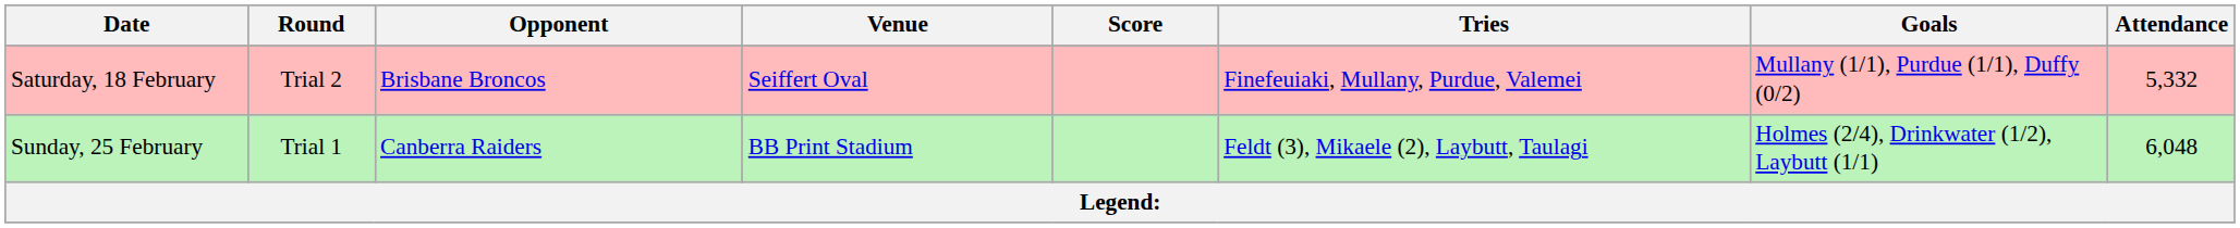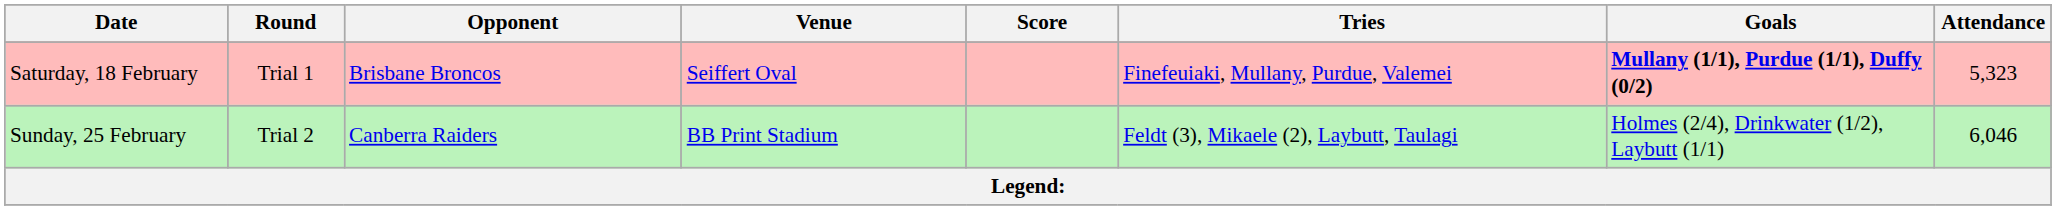 <table class="wikitable" style="font-size:75%;">
 <tr>
 <th style="width:120px;">Date</th>
 <th style="width:60px;">Round</th>
 <th style="width:185px;">Opponent</th>
 <th style="width:155px;">Venue</th>
 <th style="width:80px;">Score</th>
 <th style="width:270px;">Tries</th>
 <th style="width:180px;">Goals</th>
 <th style="width:60px;">Attendance</th>
 </tr>
 <tr style="background:#FFBBBB">
 <td>Saturday, 18 February</td>
-<td style="text-align:center;">Trial 2</td>
+<td style="text-align:center;">Trial 1</td>
 <td> <a href='#'>Brisbane Broncos</a></td>
 <td><a href='#'>Seiffert Oval</a></td>
 <td style="text-align:center;"></td>
 <td><a href='#'>Finefeuiaki</a>, <a href='#'>Mullany</a>, <a href='#'>Purdue</a>, <a href='#'>Valemei</a></td>
-<td><a href='#'>Mullany</a> (1/1), <a href='#'>Purdue</a> (1/1), <a href='#'>Duffy</a> (0/2)</td>
-<td style="text-align:center;">5,332</td>
+<td><strong><a href='#'>Mullany</a> (1/1), <a href='#'>Purdue</a> (1/1), <a href='#'>Duffy</a> (0/2)</strong></td>
+<td style="text-align:center;">5,323</td>
 </tr>
 <tr style="background:#BBF3BB">
 <td>Sunday, 25 February</td>
-<td style="text-align:center;">Trial 1</td>
+<td style="text-align:center;">Trial 2</td>
 <td> <a href='#'>Canberra Raiders</a></td>
 <td><a href='#'>BB Print Stadium</a></td>
 <td style="text-align:center;"></td>
 <td><a href='#'>Feldt</a> (3), <a href='#'>Mikaele</a> (2), <a href='#'>Laybutt</a>, <a href='#'>Taulagi</a></td>
 <td><a href='#'>Holmes</a> (2/4), <a href='#'>Drinkwater</a> (1/2), <a href='#'>Laybutt</a> (1/1)</td>
-<td style="text-align:center;">6,048</td>
+<td style="text-align:center;">6,046</td>
 </tr>
 <tr>
 <th colspan="11"><strong>Legend</strong>:    </th>
 </tr>
 </table>
